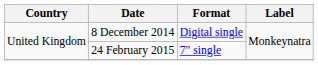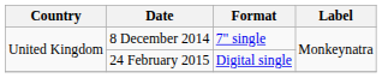 <table class="wikitable plainrowheaders">
 <tr>
 <th scope="col">Country</th>
 <th scope="col">Date</th>
 <th scope="col">Format</th>
 <th scope="col">Label</th>
 </tr>
 <tr>
 <td rowspan="2">United Kingdom</td>
 <td>8 December 2014</td>
-<td><a href='#'>Digital single</a></td>
+<td><a href='#'>7" single</a></td>
 <td rowspan="2">Monkeynatra</td>
 </tr>
 <tr>
 <td>24 February 2015</td>
-<td><a href='#'>7" single</a></td>
+<td><a href='#'>Digital single</a></td>
 </tr>
 <tr>
 </tr>
 </table>
